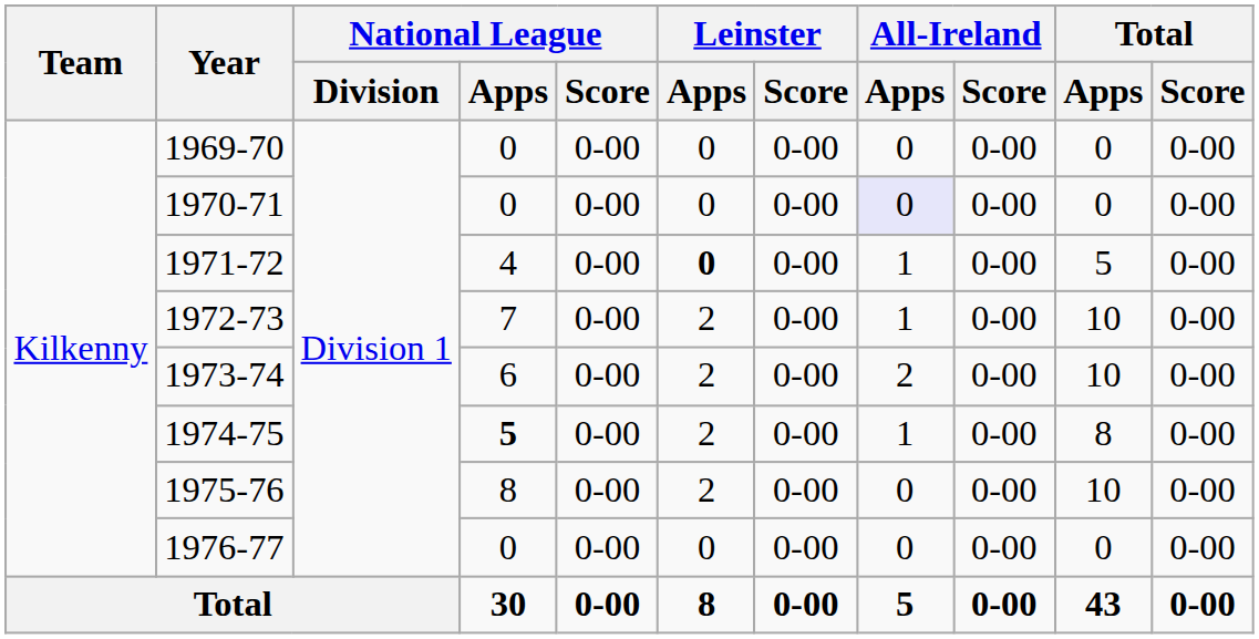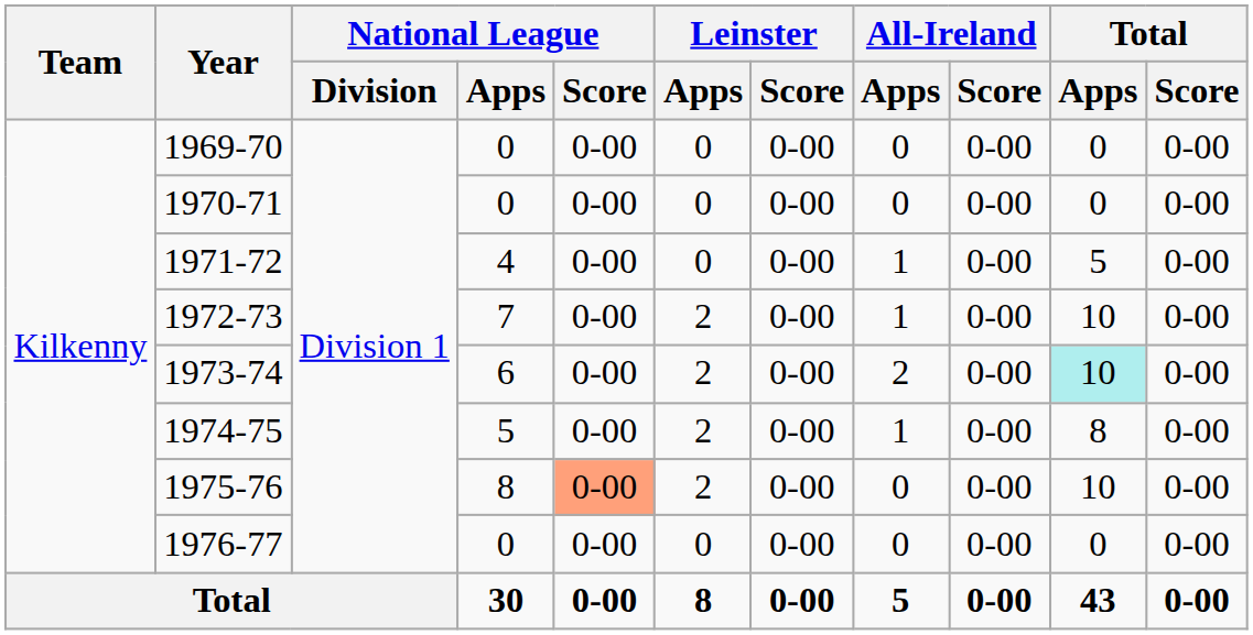 <table class="wikitable" style="text-align:center">
 <tr>
 <th rowspan="2">Team</th>
 <th rowspan="2">Year</th>
 <th colspan="3"><a href='#'>National League</a></th>
 <th colspan="2"><a href='#'>Leinster</a></th>
 <th colspan="2"><a href='#'>All-Ireland</a></th>
 <th colspan="2">Total</th>
 </tr>
 <tr>
 <th>Division</th>
 <th>Apps</th>
 <th>Score</th>
 <th>Apps</th>
 <th>Score</th>
 <th>Apps</th>
 <th>Score</th>
 <th>Apps</th>
 <th>Score</th>
 </tr>
 <tr>
 <td rowspan="8"><a href='#'>Kilkenny</a></td>
 <td>1969-70</td>
 <td rowspan="8"><a href='#'>Division 1</a></td>
 <td>0</td>
 <td>0-00</td>
 <td>0</td>
 <td>0-00</td>
 <td>0</td>
 <td>0-00</td>
 <td>0</td>
 <td>0-00</td>
 </tr>
 <tr>
 <td>1970-71</td>
 <td>0</td>
 <td>0-00</td>
 <td>0</td>
 <td>0-00</td>
-<td style="background: lavender;">0</td>
+<td>0</td>
 <td>0-00</td>
 <td>0</td>
 <td>0-00</td>
 </tr>
 <tr>
 <td>1971-72</td>
 <td>4</td>
 <td>0-00</td>
-<td><strong>0</strong></td>
+<td>0</td>
 <td>0-00</td>
 <td>1</td>
 <td>0-00</td>
 <td>5</td>
 <td>0-00</td>
 </tr>
 <tr>
 <td>1972-73</td>
 <td>7</td>
 <td>0-00</td>
 <td>2</td>
 <td>0-00</td>
 <td>1</td>
 <td>0-00</td>
 <td>10</td>
 <td>0-00</td>
 </tr>
 <tr>
 <td>1973-74</td>
 <td>6</td>
 <td>0-00</td>
 <td>2</td>
 <td>0-00</td>
 <td>2</td>
 <td>0-00</td>
-<td>10</td>
+<td style="background: paleturquoise;">10</td>
 <td>0-00</td>
 </tr>
 <tr>
 <td>1974-75</td>
-<td><strong>5</strong></td>
+<td>5</td>
 <td>0-00</td>
 <td>2</td>
 <td>0-00</td>
 <td>1</td>
 <td>0-00</td>
 <td>8</td>
 <td>0-00</td>
 </tr>
 <tr>
 <td>1975-76</td>
 <td>8</td>
-<td>0-00</td>
+<td style="background: lightsalmon;">0-00</td>
 <td>2</td>
 <td>0-00</td>
 <td>0</td>
 <td>0-00</td>
 <td>10</td>
 <td>0-00</td>
 </tr>
 <tr>
 <td>1976-77</td>
 <td>0</td>
 <td>0-00</td>
 <td>0</td>
 <td>0-00</td>
 <td>0</td>
 <td>0-00</td>
 <td>0</td>
 <td>0-00</td>
 </tr>
 <tr>
 <th colspan="3">Total</th>
 <td><strong>30</strong></td>
 <td><strong>0-00</strong></td>
 <td><strong>8</strong></td>
 <td><strong>0-00</strong></td>
 <td><strong>5</strong></td>
 <td><strong>0-00</strong></td>
 <td><strong>43</strong></td>
 <td><strong>0-00</strong></td>
 </tr>
 </table>
